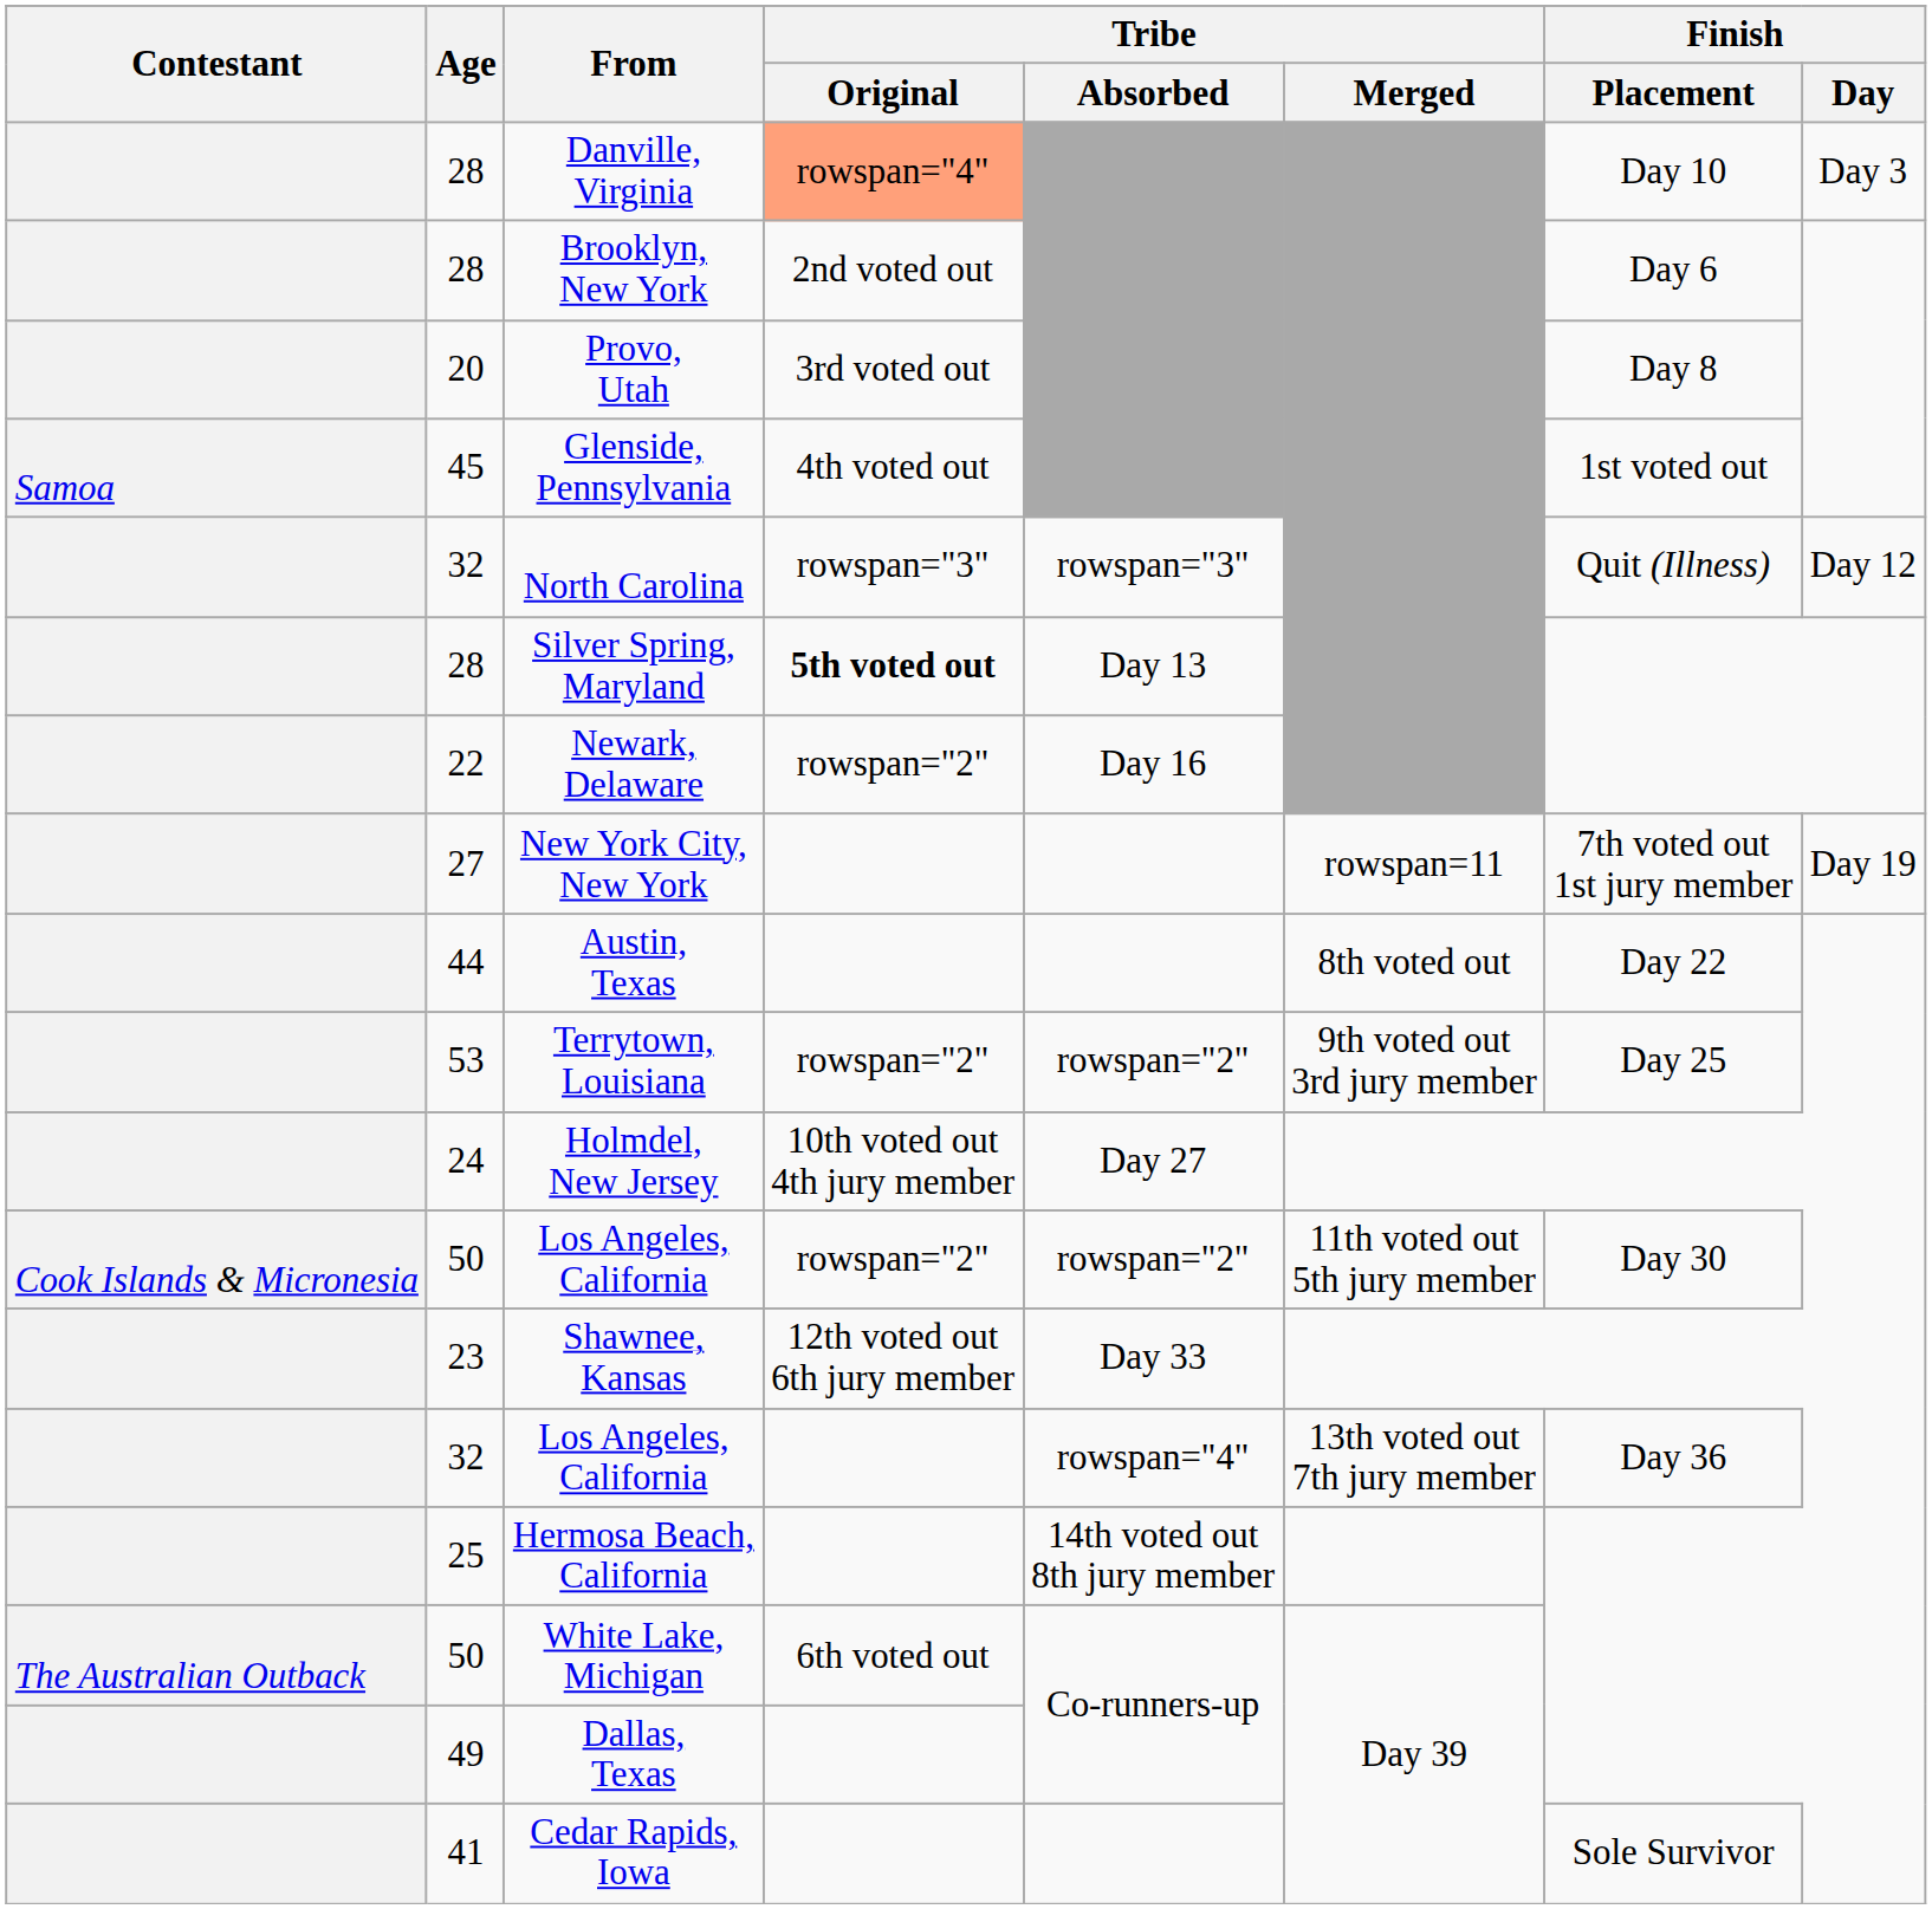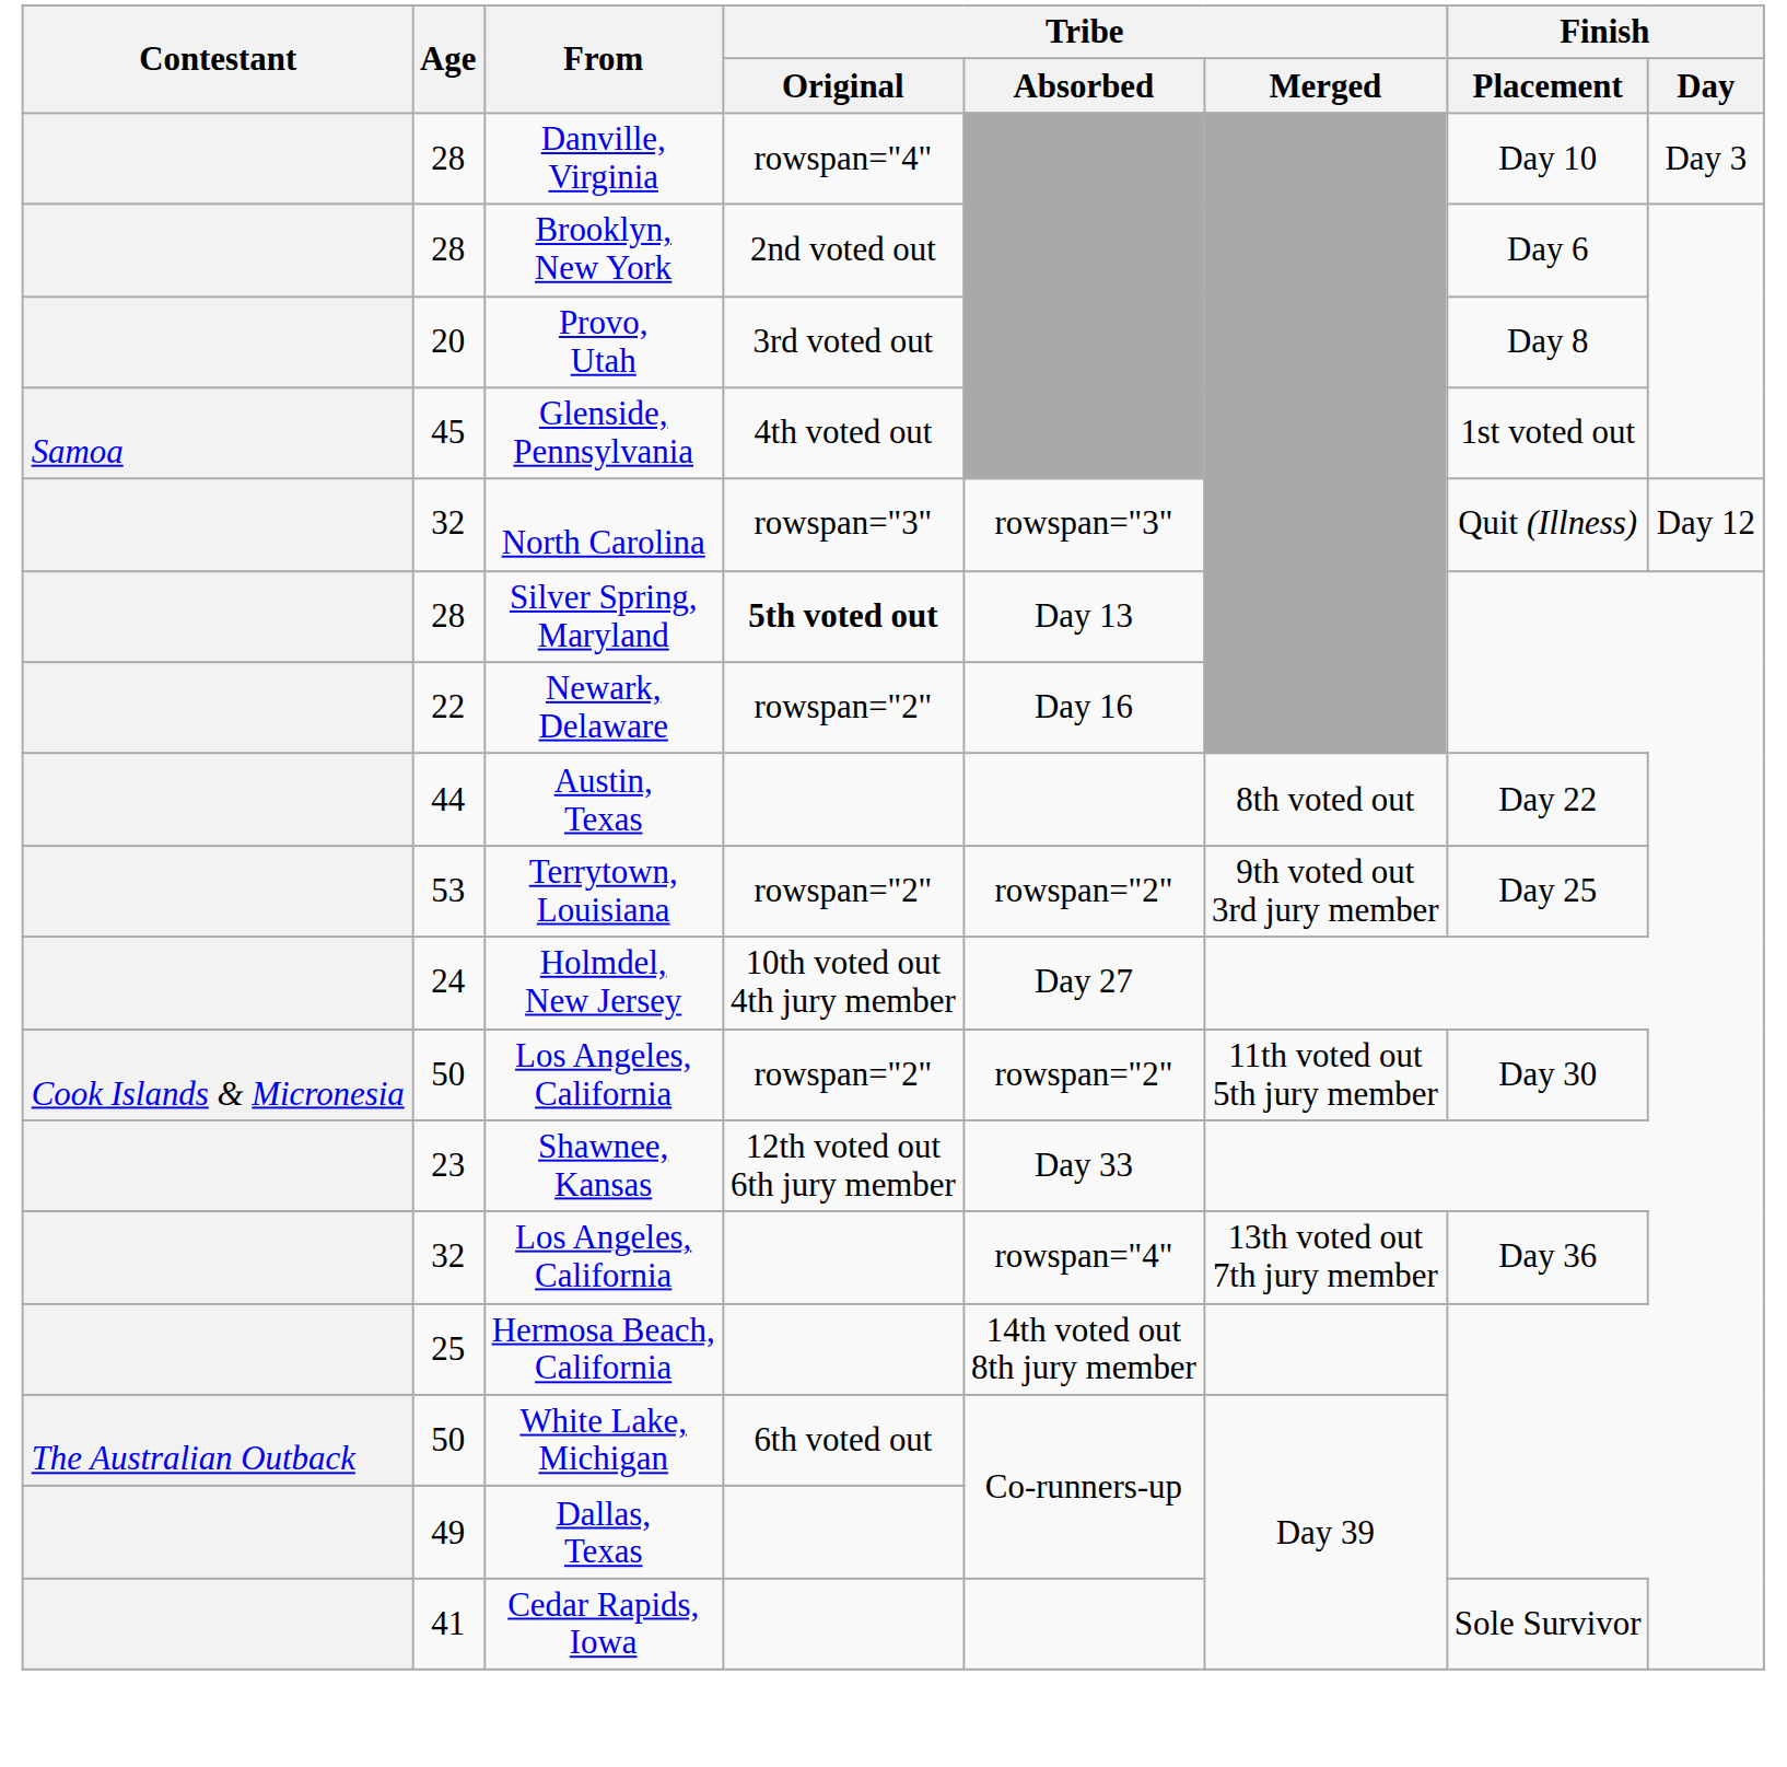 <table class="wikitable sortable" style="margin:auto; text-align:center">
 <tr>
 <th rowspan="2" scope="col">Contestant</th>
 <th rowspan="2" scope="col">Age</th>
 <th rowspan="2" scope="col" class=unsortable>From</th>
 <th colspan="3" scope="colgroup">Tribe</th>
 <th colspan="2" scope="colgroup">Finish</th>
 </tr>
 <tr>
 <th scope="col">Original</th>
 <th scope="col">Absorbed</th>
 <th scope="col" class=unsortable>Merged</th>
 <th scope="col" class=unsortable>Placement</th>
 <th scope="col" class=unsortable>Day</th>
 </tr>
 <tr>
 <th scope="row" style=text-align:left></th>
 <td>28</td>
 <td><a href='#'>Danville,<br>Virginia</a></td>
-<td style="background: lightsalmon;">rowspan="4" </td>
+<td>rowspan="4" </td>
 <td style="background:darkgrey;" rowspan="4"></td>
 <td style="background:darkgrey;" rowspan="7"></td>
 <td>Day 10</td>
 <td>Day 3</td>
 </tr>
 <tr>
 <th scope="row" style=text-align:left></th>
 <td>28</td>
 <td><a href='#'>Brooklyn,<br>New York</a></td>
 <td>2nd voted out</td>
 <td>Day 6</td>
 </tr>
 <tr>
 <th scope="row" style=text-align:left></th>
 <td>20</td>
 <td><a href='#'>Provo,<br>Utah</a></td>
 <td>3rd voted out</td>
 <td>Day 8</td>
 </tr>
 <tr>
 <th scope="row" style="text-align:left;font-weight:normal"><strong></strong><br><em><a href='#'>Samoa</a></em></th>
 <td>45</td>
 <td><a href='#'>Glenside,<br>Pennsylvania</a></td>
 <td>4th voted out</td>
 <td>1st voted out</td>
 </tr>
 <tr>
 <th scope="row" style=text-align:left></th>
 <td>32</td>
 <td><a href='#'><br>North Carolina</a></td>
 <td>rowspan="3" </td>
 <td>rowspan="3" </td>
 <td>Quit <em>(Illness)</em></td>
 <td>Day 12</td>
 </tr>
 <tr>
 <th scope="row" style=text-align:left></th>
 <td>28</td>
 <td><a href='#'>Silver Spring,<br>Maryland</a></td>
 <td><strong>5th voted out</strong></td>
 <td>Day 13</td>
 </tr>
 <tr>
 <th scope="row" style=text-align:left></th>
 <td>22</td>
 <td><a href='#'>Newark,<br>Delaware</a></td>
 <td>rowspan="2" </td>
 <td>Day 16</td>
-</tr>
-<tr>
-<th scope="row" style=text-align:left></th>
-<td>27</td>
-<td><a href='#'>New York City,<br>New York</a></td>
-<td></td>
-<td></td>
-<td>rowspan=11 </td>
-<td>7th voted out<br>1st jury member</td>
-<td>Day 19</td>
 </tr>
 <tr>
 <th scope="row" style=text-align:left></th>
 <td>44</td>
 <td><a href='#'>Austin,<br>Texas</a></td>
 <td></td>
 <td></td>
 <td>8th voted out<br></td>
 <td>Day 22</td>
 </tr>
 <tr>
 <th scope="row" style=text-align:left></th>
 <td>53</td>
 <td><a href='#'>Terrytown,<br>Louisiana</a></td>
 <td>rowspan="2" </td>
 <td>rowspan="2" </td>
 <td>9th voted out<br>3rd jury member</td>
 <td>Day 25</td>
 </tr>
 <tr>
 <th scope="row" style=text-align:left></th>
 <td>24</td>
 <td><a href='#'>Holmdel,<br>New Jersey</a></td>
 <td>10th voted out<br>4th jury member</td>
 <td>Day 27</td>
 </tr>
 <tr>
 <th scope="row" style="text-align:left;font-weight:normal"><strong></strong><br><em><a href='#'>Cook Islands</a> & <a href='#'>Micronesia</a></em></th>
 <td>50</td>
 <td><a href='#'>Los Angeles,<br>California</a></td>
 <td>rowspan="2" </td>
 <td>rowspan="2" </td>
 <td>11th voted out<br>5th jury member</td>
 <td>Day 30</td>
 </tr>
 <tr>
 <th scope="row" style=text-align:left></th>
 <td>23</td>
 <td><a href='#'>Shawnee,<br>Kansas</a></td>
 <td>12th voted out<br>6th jury member</td>
 <td>Day 33</td>
 </tr>
 <tr>
 <th scope="row" style=text-align:left></th>
 <td>32</td>
 <td><a href='#'>Los Angeles,<br>California</a></td>
 <td></td>
 <td>rowspan="4" </td>
 <td>13th voted out<br>7th jury member</td>
 <td>Day 36</td>
 </tr>
 <tr>
 <th scope="row" style=text-align:left></th>
 <td>25</td>
 <td><a href='#'>Hermosa Beach,<br>California</a></td>
 <td></td>
 <td>14th voted out<br>8th jury member</td>
 <td></td>
 </tr>
 <tr>
 <th scope="row" style="text-align:left;font-weight:normal"><strong></strong><br><em><a href='#'>The Australian Outback</a></em></th>
 <td>50</td>
 <td><a href='#'>White Lake,<br>Michigan</a></td>
 <td>6th voted out</td>
 <td rowspan="2">Co-runners-up</td>
 <td rowspan="3">Day 39</td>
 </tr>
 <tr>
 <th scope="row" style=text-align:left></th>
 <td>49</td>
 <td><a href='#'>Dallas,<br>Texas</a></td>
 </tr>
 <tr>
 <th scope="row" style=text-align:left></th>
 <td>41</td>
 <td><a href='#'>Cedar Rapids,<br>Iowa</a></td>
 <td></td>
 <td></td>
 <td>Sole Survivor</td>
 </tr>
 </table>
